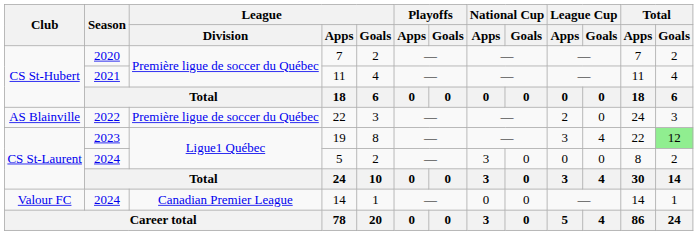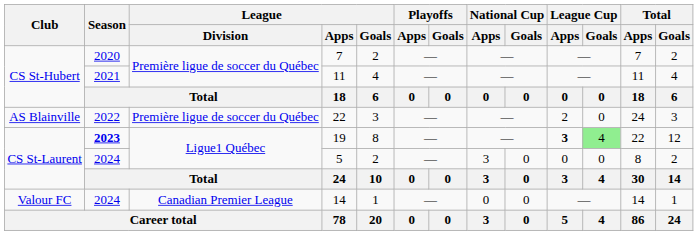 <table class="wikitable" style="text-align:center">
 <tr>
 <th rowspan="2">Club</th>
 <th rowspan="2">Season</th>
 <th colspan="3">League</th>
 <th colspan="2">Playoffs</th>
 <th colspan="2">National Cup</th>
 <th colspan="2">League Cup</th>
 <th colspan="2">Total</th>
 </tr>
 <tr>
 <th>Division</th>
 <th>Apps</th>
 <th>Goals</th>
 <th>Apps</th>
 <th>Goals</th>
 <th>Apps</th>
 <th>Goals</th>
 <th>Apps</th>
 <th>Goals</th>
 <th>Apps</th>
 <th>Goals</th>
 </tr>
 <tr>
 <td rowspan="3"><a href='#'>CS St-Hubert</a></td>
 <td><a href='#'>2020</a></td>
 <td rowspan=2><a href='#'>Première ligue de soccer du Québec</a></td>
 <td>7</td>
 <td>2</td>
 <td colspan="2">—</td>
 <td colspan="2">—</td>
 <td colspan="2">—</td>
 <td>7</td>
 <td>2</td>
 </tr>
 <tr>
 <td><a href='#'>2021</a></td>
 <td>11</td>
 <td>4</td>
 <td colspan="2">—</td>
 <td colspan="2">—</td>
 <td colspan="2">—</td>
 <td>11</td>
 <td>4</td>
 </tr>
 <tr>
 <th colspan="2">Total</th>
 <th>18</th>
 <th>6</th>
 <th>0</th>
 <th>0</th>
 <th>0</th>
 <th>0</th>
 <th>0</th>
 <th>0</th>
 <th>18</th>
 <th>6</th>
 </tr>
 <tr>
 <td><a href='#'>AS Blainville</a></td>
 <td><a href='#'>2022</a></td>
 <td><a href='#'>Première ligue de soccer du Québec</a></td>
 <td>22</td>
 <td>3</td>
 <td colspan="2">—</td>
 <td colspan="2">—</td>
 <td>2</td>
 <td>0</td>
 <td>24</td>
 <td>3</td>
 </tr>
 <tr>
 <td rowspan="3"><a href='#'>CS St-Laurent</a></td>
-<td><a href='#'>2023</a></td>
+<td><strong><a href='#'>2023</a></strong></td>
 <td rowspan=2><a href='#'>Ligue1 Québec</a></td>
 <td>19</td>
 <td>8</td>
 <td colspan="2">—</td>
 <td colspan="2">—</td>
-<td>3</td>
-<td>4</td>
+<td><strong>3</strong></td>
+<td style="background: lightgreen;">4</td>
 <td>22</td>
-<td style="background: lightgreen;">12</td>
+<td>12</td>
 </tr>
 <tr>
 <td><a href='#'>2024</a></td>
 <td>5</td>
 <td>2</td>
 <td colspan="2">—</td>
 <td>3</td>
 <td>0</td>
 <td>0</td>
 <td>0</td>
 <td>8</td>
 <td>2</td>
 </tr>
 <tr>
 <th colspan="2">Total</th>
 <th>24</th>
 <th>10</th>
 <th>0</th>
 <th>0</th>
 <th>3</th>
 <th>0</th>
 <th>3</th>
 <th>4</th>
 <th>30</th>
 <th>14</th>
 </tr>
 <tr>
 <td><a href='#'>Valour FC</a></td>
 <td><a href='#'>2024</a></td>
 <td><a href='#'>Canadian Premier League</a></td>
 <td>14</td>
 <td>1</td>
 <td colspan="2">—</td>
 <td>0</td>
 <td>0</td>
 <td colspan="2">—</td>
 <td>14</td>
 <td>1</td>
 </tr>
 <tr>
 <th colspan="3">Career total</th>
 <th>78</th>
 <th>20</th>
 <th>0</th>
 <th>0</th>
 <th>3</th>
 <th>0</th>
 <th>5</th>
 <th>4</th>
 <th>86</th>
 <th>24</th>
 </tr>
 </table>
